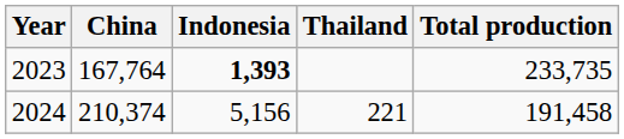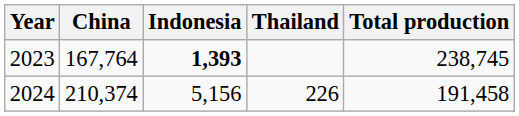 <table class=wikitable style="text-align: right;'">
 <tr>
 <th>Year</th>
 <th>China</th>
 <th>Indonesia</th>
 <th>Thailand</th>
 <th>Total production</th>
 </tr>
 <tr>
 <td>2023</td>
 <td>167,764</td>
 <td><strong>1,393</strong></td>
 <td></td>
-<td>233,735</td>
+<td>238,745</td>
 </tr>
 <tr>
 <td>2024</td>
 <td>210,374</td>
 <td>5,156</td>
-<td>221</td>
+<td>226</td>
 <td>191,458</td>
 </tr>
 </table>
